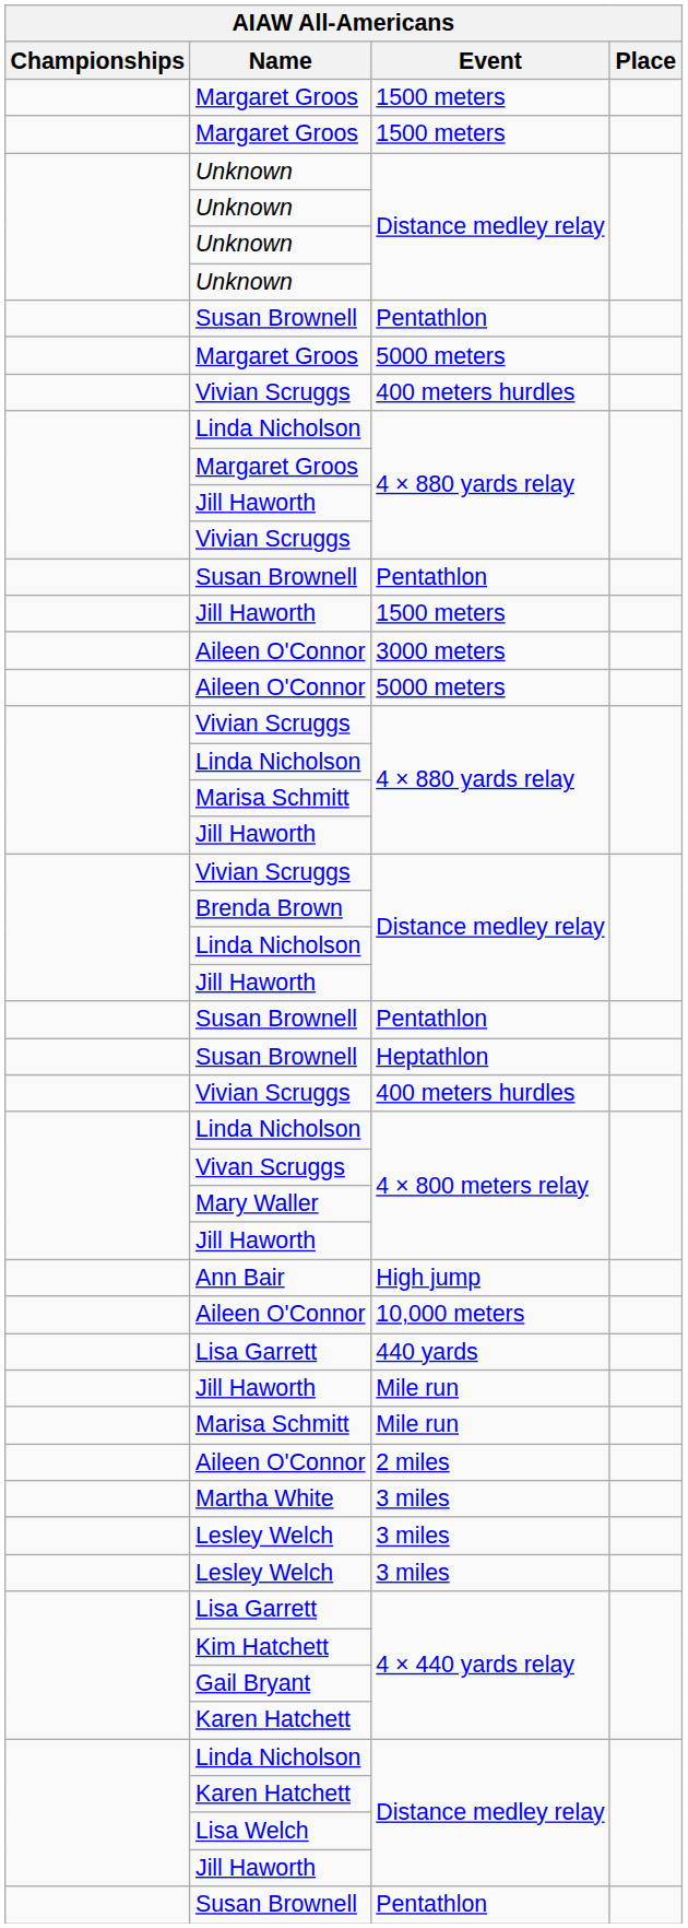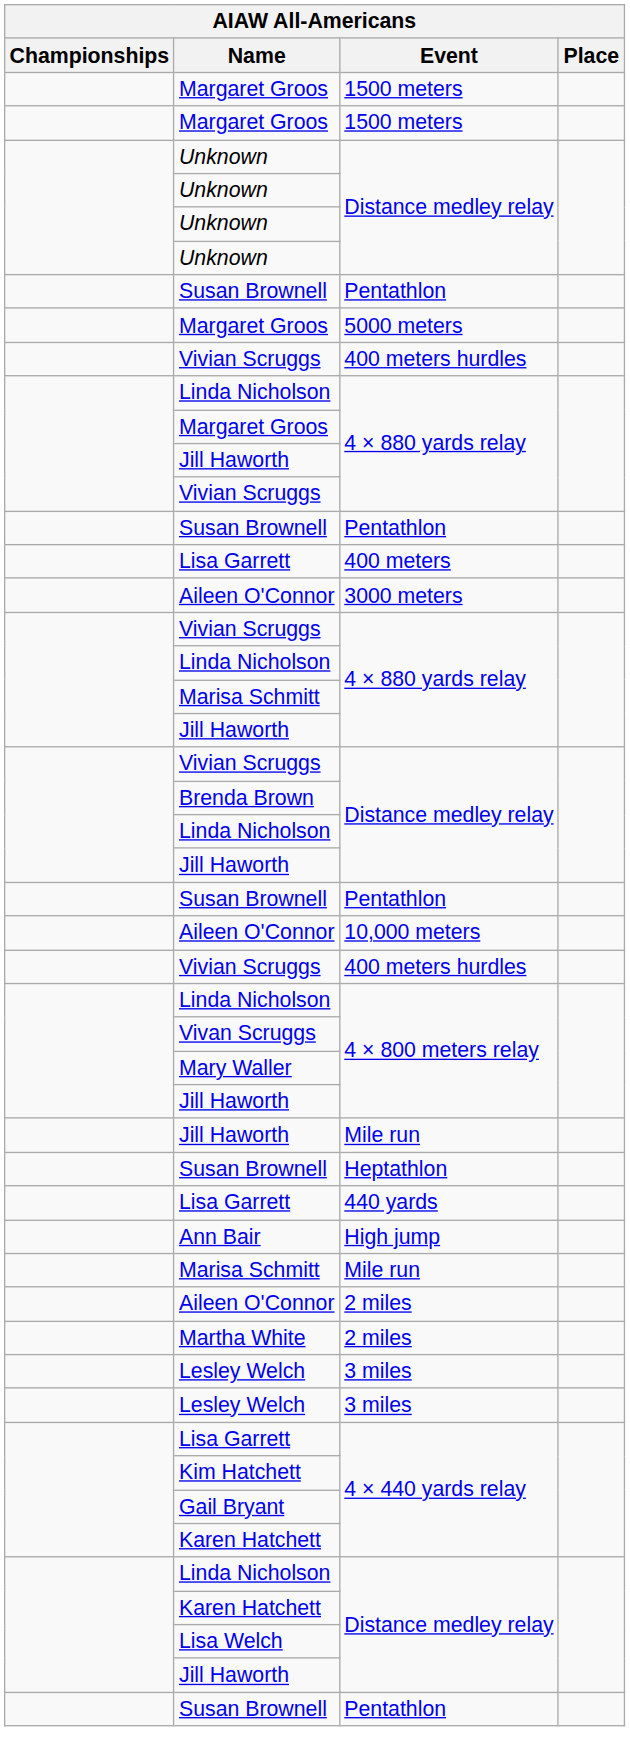 <table class="wikitable sortable">
 <tr>
 <th colspan="4">AIAW All-Americans</th>
 </tr>
 <tr>
 <th scope="col">Championships</th>
 <th scope="col">Name</th>
 <th scope="col">Event</th>
 <th scope="col">Place</th>
 </tr>
 <tr>
 <td></td>
 <td><a href='#'>Margaret Groos</a></td>
 <td><a href='#'>1500 meters</a></td>
 <td></td>
 </tr>
 <tr>
 <td></td>
 <td><a href='#'>Margaret Groos</a></td>
 <td><a href='#'>1500 meters</a></td>
 <td></td>
 </tr>
 <tr>
 <td rowspan=4></td>
 <td><em>Unknown</em></td>
 <td rowspan=4><a href='#'>Distance medley relay</a></td>
 <td rowspan=4></td>
 </tr>
 <tr>
 <td><em>Unknown</em></td>
 </tr>
 <tr>
 <td><em>Unknown</em></td>
 </tr>
 <tr>
 <td><em>Unknown</em></td>
 </tr>
 <tr>
 <td></td>
 <td><a href='#'>Susan Brownell</a></td>
 <td><a href='#'>Pentathlon</a></td>
 <td></td>
 </tr>
 <tr>
 <td></td>
 <td><a href='#'>Margaret Groos</a></td>
 <td><a href='#'>5000 meters</a></td>
 <td></td>
 </tr>
 <tr>
 <td></td>
 <td><a href='#'>Vivian Scruggs</a></td>
 <td><a href='#'>400 meters hurdles</a></td>
 <td></td>
 </tr>
 <tr>
 <td rowspan=4></td>
 <td><a href='#'>Linda Nicholson</a></td>
 <td rowspan=4><a href='#'>4 × 880 yards relay</a></td>
 <td rowspan=4></td>
 </tr>
 <tr>
 <td><a href='#'>Margaret Groos</a></td>
 </tr>
 <tr>
 <td><a href='#'>Jill Haworth</a></td>
 </tr>
 <tr>
 <td><a href='#'>Vivian Scruggs</a></td>
 </tr>
 <tr>
 <td></td>
 <td><a href='#'>Susan Brownell</a></td>
 <td><a href='#'>Pentathlon</a></td>
 <td></td>
 </tr>
 <tr>
 <td></td>
-<td><a href='#'>Jill Haworth</a></td>
-<td><a href='#'>1500 meters</a></td>
+<td><a href='#'>Lisa Garrett</a></td>
+<td><a href='#'>400 meters</a></td>
 <td></td>
 </tr>
 <tr>
 <td></td>
 <td><a href='#'>Aileen O'Connor</a></td>
 <td><a href='#'>3000 meters</a></td>
-<td></td>
-</tr>
-<tr>
-<td></td>
-<td><a href='#'>Aileen O'Connor</a></td>
-<td><a href='#'>5000 meters</a></td>
 <td></td>
 </tr>
 <tr>
 <td rowspan=4></td>
 <td><a href='#'>Vivian Scruggs</a></td>
 <td rowspan=4><a href='#'>4 × 880 yards relay</a></td>
 <td rowspan=4></td>
 </tr>
 <tr>
 <td><a href='#'>Linda Nicholson</a></td>
 </tr>
 <tr>
 <td><a href='#'>Marisa Schmitt</a></td>
 </tr>
 <tr>
 <td><a href='#'>Jill Haworth</a></td>
 </tr>
 <tr>
 <td rowspan=4></td>
 <td><a href='#'>Vivian Scruggs</a></td>
 <td rowspan=4><a href='#'>Distance medley relay</a></td>
 <td rowspan=4></td>
 </tr>
 <tr>
 <td><a href='#'>Brenda Brown</a></td>
 </tr>
 <tr>
 <td><a href='#'>Linda Nicholson</a></td>
 </tr>
 <tr>
 <td><a href='#'>Jill Haworth</a></td>
 </tr>
 <tr>
 <td></td>
 <td><a href='#'>Susan Brownell</a></td>
 <td><a href='#'>Pentathlon</a></td>
 <td></td>
 </tr>
 <tr>
 <td></td>
-<td><a href='#'>Susan Brownell</a></td>
-<td><a href='#'>Heptathlon</a></td>
+<td><a href='#'>Aileen O'Connor</a></td>
+<td><a href='#'>10,000 meters</a></td>
 <td></td>
 </tr>
 <tr>
 <td></td>
 <td><a href='#'>Vivian Scruggs</a></td>
 <td><a href='#'>400 meters hurdles</a></td>
 <td></td>
 </tr>
 <tr>
 <td rowspan=4></td>
 <td><a href='#'>Linda Nicholson</a></td>
 <td rowspan=4><a href='#'>4 × 800 meters relay</a></td>
 <td rowspan=4></td>
 </tr>
 <tr>
 <td><a href='#'>Vivan Scruggs</a></td>
 </tr>
 <tr>
 <td><a href='#'>Mary Waller</a></td>
 </tr>
 <tr>
 <td><a href='#'>Jill Haworth</a></td>
 </tr>
 <tr>
 <td></td>
-<td><a href='#'>Ann Bair</a></td>
-<td><a href='#'>High jump</a></td>
+<td><a href='#'>Jill Haworth</a></td>
+<td><a href='#'>Mile run</a></td>
 <td></td>
 </tr>
 <tr>
 <td></td>
-<td><a href='#'>Aileen O'Connor</a></td>
-<td><a href='#'>10,000 meters</a></td>
+<td><a href='#'>Susan Brownell</a></td>
+<td><a href='#'>Heptathlon</a></td>
 <td></td>
 </tr>
 <tr>
 <td></td>
 <td><a href='#'>Lisa Garrett</a></td>
 <td><a href='#'>440 yards</a></td>
 <td></td>
 </tr>
 <tr>
 <td></td>
-<td><a href='#'>Jill Haworth</a></td>
-<td><a href='#'>Mile run</a></td>
+<td><a href='#'>Ann Bair</a></td>
+<td><a href='#'>High jump</a></td>
 <td></td>
 </tr>
 <tr>
 <td></td>
 <td><a href='#'>Marisa Schmitt</a></td>
 <td><a href='#'>Mile run</a></td>
 <td></td>
 </tr>
 <tr>
 <td></td>
 <td><a href='#'>Aileen O'Connor</a></td>
 <td><a href='#'>2 miles</a></td>
 <td></td>
 </tr>
 <tr>
 <td></td>
 <td><a href='#'>Martha White</a></td>
-<td><a href='#'>3 miles</a></td>
+<td><a href='#'>2 miles</a></td>
 <td></td>
 </tr>
 <tr>
 <td></td>
 <td><a href='#'>Lesley Welch</a></td>
 <td><a href='#'>3 miles</a></td>
 <td></td>
 </tr>
 <tr>
 <td></td>
 <td><a href='#'>Lesley Welch</a></td>
 <td><a href='#'>3 miles</a></td>
 <td></td>
 </tr>
 <tr>
 <td rowspan=4></td>
 <td><a href='#'>Lisa Garrett</a></td>
 <td rowspan=4><a href='#'>4 × 440 yards relay</a></td>
 <td rowspan=4></td>
 </tr>
 <tr>
 <td><a href='#'>Kim Hatchett</a></td>
 </tr>
 <tr>
 <td><a href='#'>Gail Bryant</a></td>
 </tr>
 <tr>
 <td><a href='#'>Karen Hatchett</a></td>
 </tr>
 <tr>
 <td rowspan=4></td>
 <td><a href='#'>Linda Nicholson</a></td>
 <td rowspan=4><a href='#'>Distance medley relay</a></td>
 <td rowspan=4></td>
 </tr>
 <tr>
 <td><a href='#'>Karen Hatchett</a></td>
 </tr>
 <tr>
 <td><a href='#'>Lisa Welch</a></td>
 </tr>
 <tr>
 <td><a href='#'>Jill Haworth</a></td>
 </tr>
 <tr>
 <td></td>
 <td><a href='#'>Susan Brownell</a></td>
 <td><a href='#'>Pentathlon</a></td>
 <td></td>
 </tr>
 </table>
